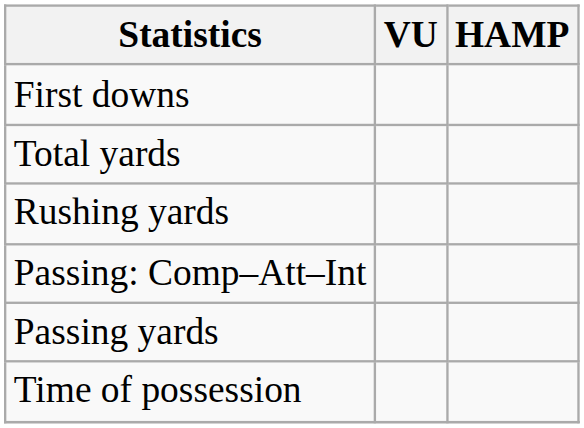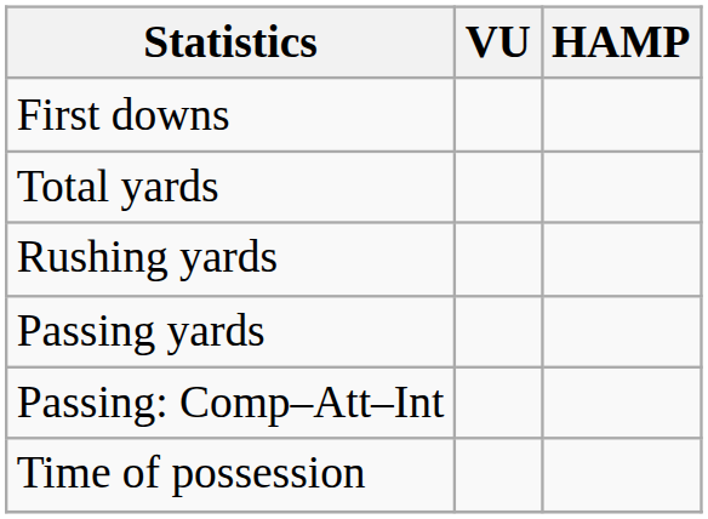 <table class="wikitable" style="float: left;">
 <tr>
 <th>Statistics</th>
 <th>VU</th>
 <th>HAMP</th>
 </tr>
 <tr>
 <td>First downs</td>
 <td></td>
 <td></td>
 </tr>
 <tr>
 <td>Total yards</td>
 <td></td>
 <td></td>
 </tr>
 <tr>
 <td>Rushing yards</td>
 <td></td>
 <td></td>
 </tr>
 <tr>
-<td>Passing: Comp–Att–Int</td>
+<td>Passing yards</td>
 <td></td>
 <td></td>
 </tr>
 <tr>
-<td>Passing yards</td>
+<td>Passing: Comp–Att–Int</td>
 <td></td>
 <td></td>
 </tr>
 <tr>
 <td>Time of possession</td>
 <td></td>
 <td></td>
 </tr>
 <tr>
 </tr>
 </table>
